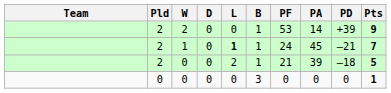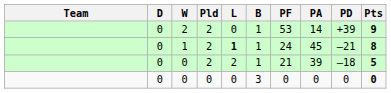 <table class="wikitable" style="text-align:center;">
 <tr>
 <th width=175>Team</th>
+<th width=25 abbr="Drawn">D</th>
+<th width=25 abbr="Won">W</th>
 <th width=25 abbr="Played">Pld</th>
-<th width=25 abbr="Won">W</th>
-<th width=25 abbr="Drawn">D</th>
 <th width=25 abbr="Lost">L</th>
 <th width=25 abbr="Bye">B</th>
 <th width=32 abbr="Points for">PF</th>
 <th width=32 abbr="Points against">PA</th>
 <th width=32 abbr="Points difference">PD</th>
 <th width=25 abbr="Points">Pts</th>
 </tr>
 <tr bgcolor=ccffcc>
 <td align=left></td>
+<td>0</td>
 <td>2</td>
 <td>2</td>
-<td>0</td>
 <td>0</td>
 <td>1</td>
 <td>53</td>
 <td>14</td>
 <td>+39</td>
 <td><strong>9</strong></td>
 </tr>
 <tr bgcolor=ccffcc>
 <td align=left></td>
+<td>0</td>
+<td>1</td>
 <td>2</td>
-<td>1</td>
-<td>0</td>
 <td><strong>1</strong></td>
 <td>1</td>
 <td>24</td>
 <td>45</td>
 <td>–21</td>
-<td><strong>7</strong></td>
+<td><strong>8</strong></td>
 </tr>
 <tr bgcolor=ccffcc>
 <td align=left></td>
-<td>2</td>
 <td>0</td>
 <td>0</td>
+<td>2</td>
 <td>2</td>
 <td>1</td>
 <td>21</td>
 <td>39</td>
 <td>–18</td>
 <td><strong>5</strong></td>
 </tr>
 <tr>
 <td align=left></td>
 <td>0</td>
 <td>0</td>
 <td>0</td>
 <td>0</td>
 <td>3</td>
 <td>0</td>
 <td>0</td>
 <td>0</td>
-<td><strong>1</strong></td>
+<td><strong>0</strong></td>
 </tr>
 </table>
